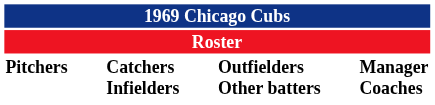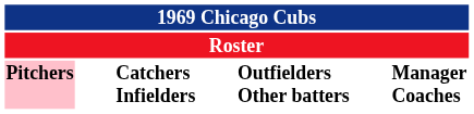 <table class="toccolours" style="font-size: 95%;">
 <tr>
 <th colspan="10" style="background:#0e3386; color:white; text-align:center;">1969 Chicago Cubs</th>
 </tr>
 <tr>
 <td colspan="10" style="background:#ee1422; color:white; text-align:center;"><strong>Roster</strong></td>
 </tr>
 <tr>
-<td valign="top"><strong>Pitchers</strong><br>                </td>
+<td valign="top" style="background: pink;"><strong>Pitchers</strong><br>                </td>
 <td style="width:25px;"></td>
 <td valign="top"><strong>Catchers</strong><br>      <strong>Infielders</strong>      </td>
 <td style="width:25px;"></td>
 <td valign="top"><strong>Outfielders</strong><br>          <strong>Other batters</strong>  </td>
 <td style="width:25px;"></td>
 <td valign="top"><strong>Manager</strong><br> <strong>Coaches</strong>    </td>
 </tr>
 </table>
